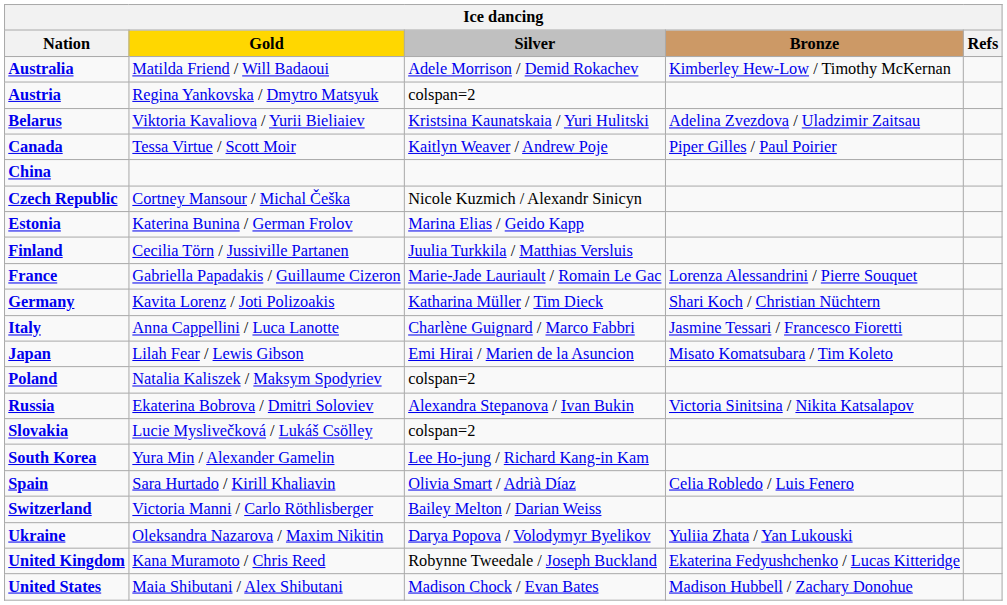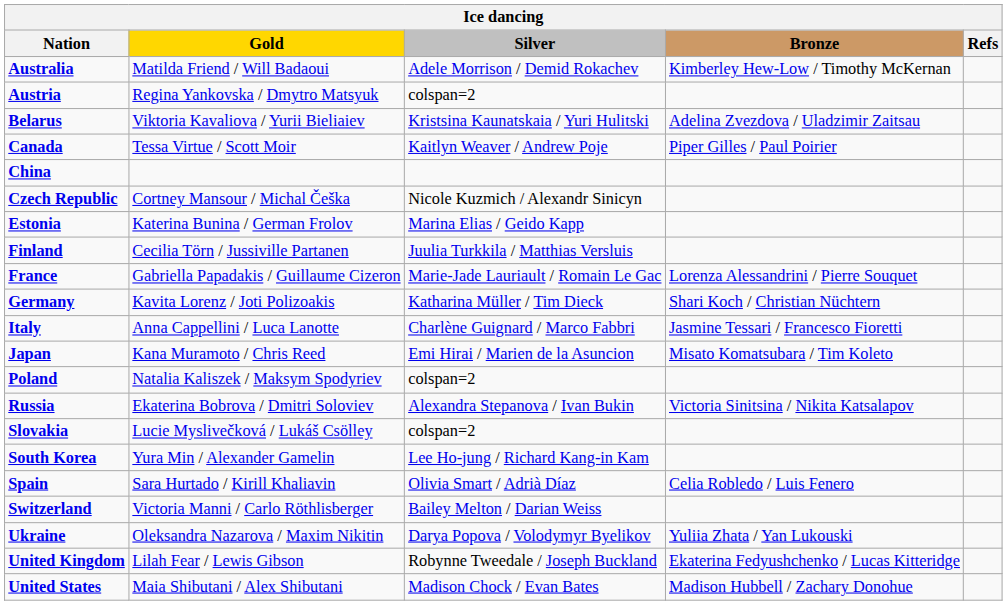 <table class="wikitable">
 <tr>
 <th colspan=5>Ice dancing</th>
 </tr>
 <tr>
 <th>Nation</th>
 <td style="text-align:center; background:gold;"><strong>Gold</strong></td>
 <td style="text-align:center; background:silver;"><strong>Silver</strong></td>
 <td style="text-align:center; background:#c96;"><strong>Bronze</strong></td>
 <th>Refs</th>
 </tr>
 <tr>
 <td><strong><a href='#'>Australia</a></strong></td>
 <td><a href='#'>Matilda Friend</a> / <a href='#'>Will Badaoui</a></td>
 <td><a href='#'>Adele Morrison</a> / <a href='#'>Demid Rokachev</a></td>
 <td><a href='#'>Kimberley Hew-Low</a> / Timothy McKernan</td>
 <td></td>
 </tr>
 <tr>
 <td><strong><a href='#'>Austria</a></strong></td>
 <td><a href='#'>Regina Yankovska</a> / <a href='#'>Dmytro Matsyuk</a></td>
 <td>colspan=2 </td>
 <td></td>
 </tr>
 <tr>
 <td><strong><a href='#'>Belarus</a></strong></td>
 <td><a href='#'>Viktoria Kavaliova</a> / <a href='#'>Yurii Bieliaiev</a></td>
 <td><a href='#'>Kristsina Kaunatskaia</a> / <a href='#'>Yuri Hulitski</a></td>
 <td><a href='#'>Adelina Zvezdova</a> / <a href='#'>Uladzimir Zaitsau</a></td>
 <td></td>
 </tr>
 <tr>
 <td><strong><a href='#'>Canada</a></strong></td>
 <td><a href='#'>Tessa Virtue</a> / <a href='#'>Scott Moir</a></td>
 <td><a href='#'>Kaitlyn Weaver</a> / <a href='#'>Andrew Poje</a></td>
 <td><a href='#'>Piper Gilles</a> / <a href='#'>Paul Poirier</a></td>
 <td></td>
 </tr>
 <tr>
 <td><strong><a href='#'>China</a></strong></td>
 <td></td>
 <td></td>
 <td></td>
 <td></td>
 </tr>
 <tr>
 <td><strong><a href='#'>Czech Republic</a></strong></td>
 <td><a href='#'>Cortney Mansour</a> / <a href='#'>Michal Češka</a></td>
 <td>Nicole Kuzmich / Alexandr Sinicyn</td>
 <td></td>
 <td></td>
 </tr>
 <tr>
 <td><strong><a href='#'>Estonia</a></strong></td>
 <td><a href='#'>Katerina Bunina</a> / <a href='#'>German Frolov</a></td>
 <td><a href='#'>Marina Elias</a> / <a href='#'>Geido Kapp</a></td>
 <td></td>
 <td></td>
 </tr>
 <tr>
 <td><strong><a href='#'>Finland</a></strong></td>
 <td><a href='#'>Cecilia Törn</a> / <a href='#'>Jussiville Partanen</a></td>
 <td><a href='#'>Juulia Turkkila</a> / <a href='#'>Matthias Versluis</a></td>
 <td></td>
 <td></td>
 </tr>
 <tr>
 <td><strong><a href='#'>France</a></strong></td>
 <td><a href='#'>Gabriella Papadakis</a> / <a href='#'>Guillaume Cizeron</a></td>
 <td><a href='#'>Marie-Jade Lauriault</a> / <a href='#'>Romain Le Gac</a></td>
 <td><a href='#'>Lorenza Alessandrini</a> / <a href='#'>Pierre Souquet</a></td>
 <td></td>
 </tr>
 <tr>
 <td><strong><a href='#'>Germany</a></strong></td>
 <td><a href='#'>Kavita Lorenz</a> / <a href='#'>Joti Polizoakis</a></td>
 <td><a href='#'>Katharina Müller</a> / <a href='#'>Tim Dieck</a></td>
 <td><a href='#'>Shari Koch</a> / <a href='#'>Christian Nüchtern</a></td>
 <td></td>
 </tr>
 <tr>
 <td><strong><a href='#'>Italy</a></strong></td>
 <td><a href='#'>Anna Cappellini</a> / <a href='#'>Luca Lanotte</a></td>
 <td><a href='#'>Charlène Guignard</a> / <a href='#'>Marco Fabbri</a></td>
 <td><a href='#'>Jasmine Tessari</a> / <a href='#'>Francesco Fioretti</a></td>
 <td></td>
 </tr>
 <tr>
 <td><strong><a href='#'>Japan</a></strong></td>
-<td><a href='#'>Lilah Fear</a> / <a href='#'>Lewis Gibson</a></td>
+<td><a href='#'>Kana Muramoto</a> / <a href='#'>Chris Reed</a></td>
 <td><a href='#'>Emi Hirai</a> / <a href='#'>Marien de la Asuncion</a></td>
 <td><a href='#'>Misato Komatsubara</a> / <a href='#'>Tim Koleto</a></td>
 <td></td>
 </tr>
 <tr>
 <td><strong><a href='#'>Poland</a></strong></td>
 <td><a href='#'>Natalia Kaliszek</a> / <a href='#'>Maksym Spodyriev</a></td>
 <td>colspan=2 </td>
 <td></td>
 </tr>
 <tr>
 <td><strong><a href='#'>Russia</a></strong></td>
 <td><a href='#'>Ekaterina Bobrova</a> / <a href='#'>Dmitri Soloviev</a></td>
 <td><a href='#'>Alexandra Stepanova</a> / <a href='#'>Ivan Bukin</a></td>
 <td><a href='#'>Victoria Sinitsina</a> / <a href='#'>Nikita Katsalapov</a></td>
 <td></td>
 </tr>
 <tr>
 <td><strong><a href='#'>Slovakia</a></strong></td>
 <td><a href='#'>Lucie Myslivečková</a> / <a href='#'>Lukáš Csölley</a></td>
 <td>colspan=2 </td>
 <td></td>
 </tr>
 <tr>
 <td><strong><a href='#'>South Korea</a></strong></td>
 <td><a href='#'>Yura Min</a> / <a href='#'>Alexander Gamelin</a></td>
 <td><a href='#'>Lee Ho-jung</a> / <a href='#'>Richard Kang-in Kam</a></td>
 <td></td>
 <td></td>
 </tr>
 <tr>
 <td><strong><a href='#'>Spain</a></strong></td>
 <td><a href='#'>Sara Hurtado</a> / <a href='#'>Kirill Khaliavin</a></td>
 <td><a href='#'>Olivia Smart</a> / <a href='#'>Adrià Díaz</a></td>
 <td><a href='#'>Celia Robledo</a> / <a href='#'>Luis Fenero</a></td>
 <td></td>
 </tr>
 <tr>
 <td><strong><a href='#'>Switzerland</a></strong></td>
 <td><a href='#'>Victoria Manni</a> / <a href='#'>Carlo Röthlisberger</a></td>
 <td><a href='#'>Bailey Melton</a> / <a href='#'>Darian Weiss</a></td>
 <td></td>
 <td></td>
 </tr>
 <tr>
 <td><strong><a href='#'>Ukraine</a></strong></td>
 <td><a href='#'>Oleksandra Nazarova</a> / <a href='#'>Maxim Nikitin</a></td>
 <td><a href='#'>Darya Popova</a> / <a href='#'>Volodymyr Byelikov</a></td>
 <td><a href='#'>Yuliia Zhata</a> / <a href='#'>Yan Lukouski</a></td>
 <td></td>
 </tr>
 <tr>
 <td><strong><a href='#'>United Kingdom</a></strong></td>
-<td><a href='#'>Kana Muramoto</a> / <a href='#'>Chris Reed</a></td>
+<td><a href='#'>Lilah Fear</a> / <a href='#'>Lewis Gibson</a></td>
 <td>Robynne Tweedale / <a href='#'>Joseph Buckland</a></td>
 <td><a href='#'>Ekaterina Fedyushchenko</a> / <a href='#'>Lucas Kitteridge</a></td>
 <td></td>
 </tr>
 <tr>
 <td><strong><a href='#'>United States</a></strong></td>
 <td><a href='#'>Maia Shibutani</a> / <a href='#'>Alex Shibutani</a></td>
 <td><a href='#'>Madison Chock</a> / <a href='#'>Evan Bates</a></td>
 <td><a href='#'>Madison Hubbell</a> / <a href='#'>Zachary Donohue</a></td>
 <td></td>
 </tr>
 </table>
